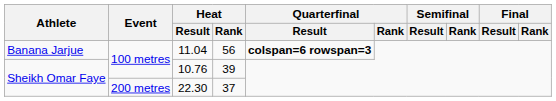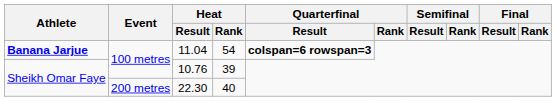 <table class=wikitable style=font-size:90%>
 <tr>
 <th rowspan=2>Athlete</th>
 <th rowspan=2>Event</th>
 <th colspan=2>Heat</th>
 <th colspan=2>Quarterfinal</th>
 <th colspan=2>Semifinal</th>
 <th colspan=2>Final</th>
 </tr>
 <tr style=font-size:95%>
 <th>Result</th>
 <th>Rank</th>
 <th>Result</th>
 <th>Rank</th>
 <th>Result</th>
 <th>Rank</th>
 <th>Result</th>
 <th>Rank</th>
 </tr>
 <tr align=center>
-<td align=left><a href='#'>Banana Jarjue</a></td>
+<td align=left><strong><a href='#'>Banana Jarjue</a></strong></td>
 <td align=left rowspan=2><a href='#'>100 metres</a></td>
 <td>11.04</td>
-<td>56</td>
+<td>54</td>
 <td><strong>colspan=6 rowspan=3 </strong></td>
 </tr>
 <tr align=center>
 <td align=left rowspan=2><a href='#'>Sheikh Omar Faye</a></td>
 <td>10.76</td>
 <td>39</td>
 </tr>
 <tr align=center>
 <td align=left rowspan=2><a href='#'>200 metres</a></td>
 <td>22.30</td>
-<td>37</td>
+<td>40</td>
 </tr>
 </table>
